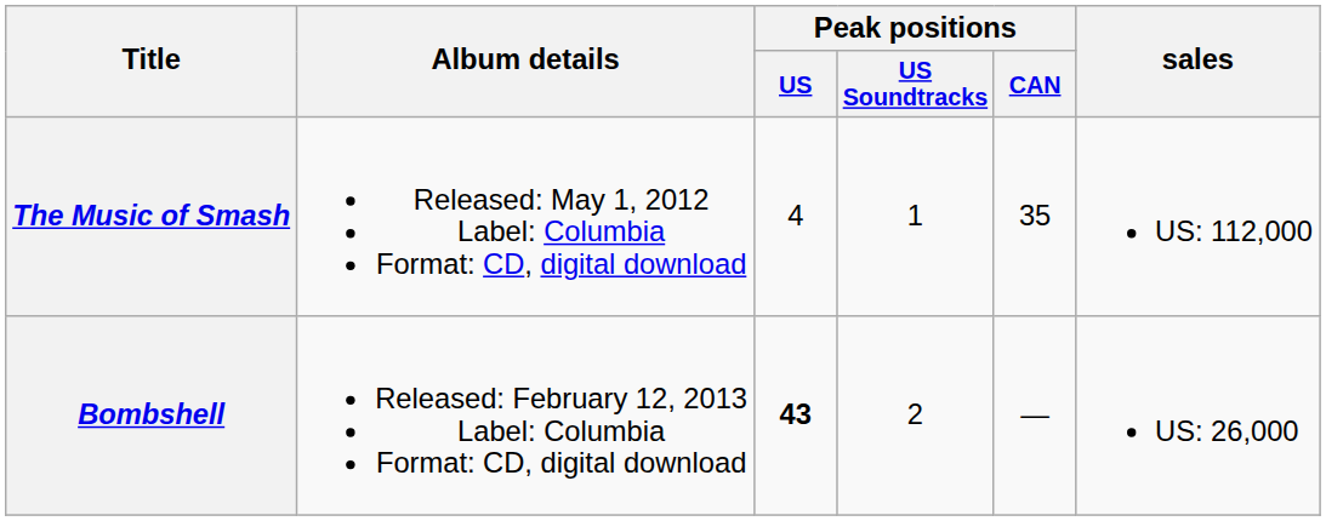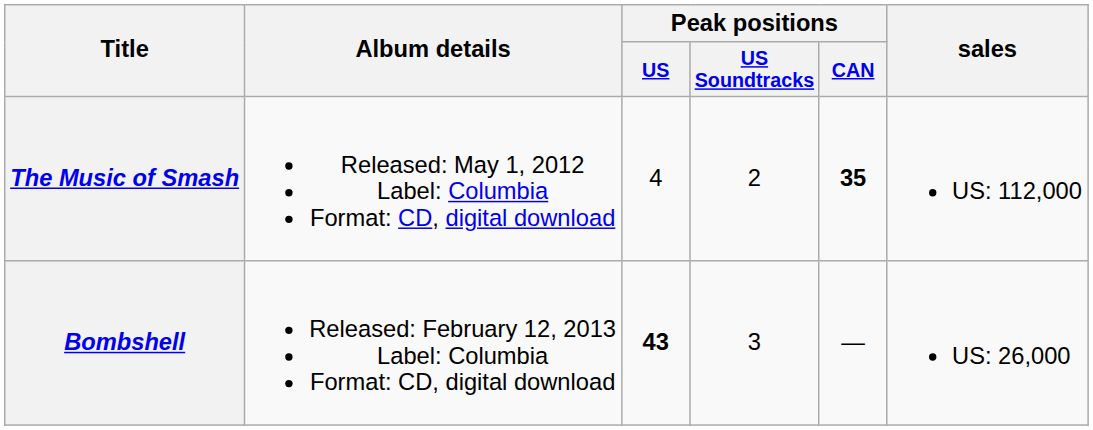 <table class="wikitable plainrowheaders" style="text-align:center;">
 <tr>
 <th rowspan="2">Title</th>
 <th rowspan="2">Album details</th>
 <th colspan="3">Peak positions</th>
 <th rowspan="2">sales</th>
 </tr>
 <tr style="font-size:smaller;">
 <th style="width:40px;"><a href='#'>US</a></th>
 <th style="width:40px;"><a href='#'>US<br>Soundtracks</a></th>
 <th style="width:40px;"><a href='#'>CAN</a></th>
 </tr>
 <tr>
 <th scope="row"><em><a href='#'>The Music of Smash</a></em></th>
 <td><br><ul><li>Released: May 1, 2012</li><li>Label: <a href='#'>Columbia</a></li><li>Format: <a href='#'>CD</a>, <a href='#'>digital download</a></li></ul></td>
 <td>4</td>
-<td>1</td>
-<td>35</td>
+<td>2</td>
+<td><strong>35</strong></td>
 <td style="text-align:left;"><br><ul><li>US: 112,000</li></ul></td>
 </tr>
 <tr>
 <th scope="row"><em><a href='#'>Bombshell</a></em></th>
 <td><br><ul><li>Released: February 12, 2013 </li><li>Label: Columbia</li><li>Format: CD, digital download</li></ul></td>
 <td><strong>43</strong></td>
-<td>2</td>
+<td>3</td>
 <td>—</td>
 <td style="text-align:left;"><br><ul><li>US: 26,000</li></ul></td>
 </tr>
 </table>
